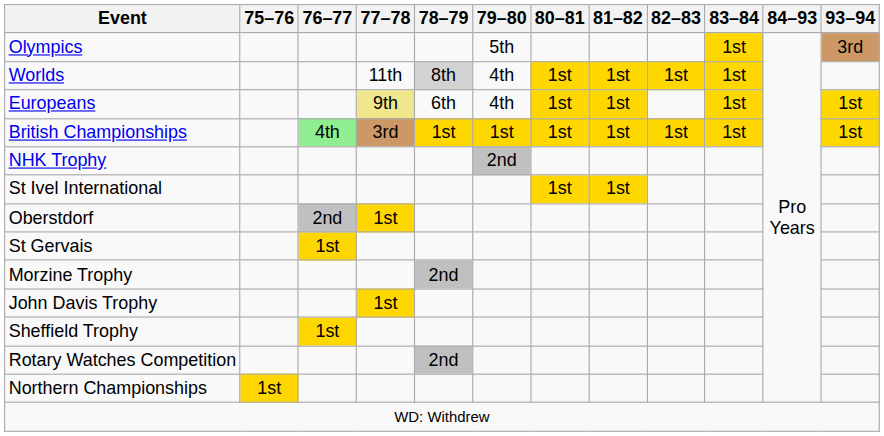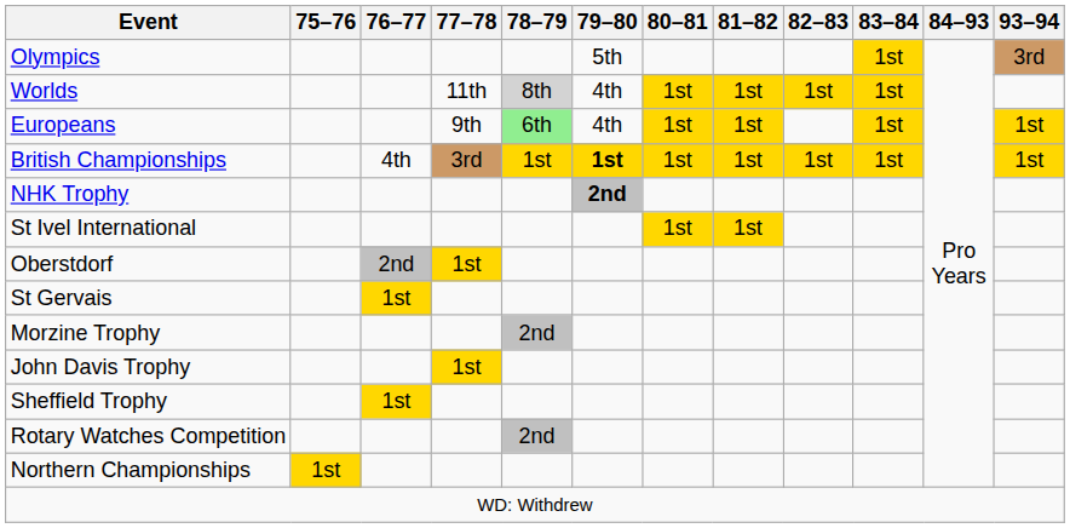 <table class="wikitable" style="text-align: center;">
 <tr>
 <th>Event</th>
 <th>75–76</th>
 <th>76–77</th>
 <th>77–78</th>
 <th>78–79</th>
 <th>79–80</th>
 <th>80–81</th>
 <th>81–82</th>
 <th>82–83</th>
 <th>83–84</th>
 <th>84–93</th>
 <th>93–94</th>
 </tr>
 <tr>
 <td style = "text-align: left;"><a href='#'>Olympics</a></td>
 <td></td>
 <td></td>
 <td></td>
 <td></td>
 <td>5th</td>
 <td></td>
 <td></td>
 <td></td>
 <td style="background:gold;">1st</td>
 <td rowspan="13">Pro<br>Years</td>
 <td style="background:#c96;">3rd</td>
 </tr>
 <tr>
 <td style = "text-align: left;"><a href='#'>Worlds</a></td>
 <td></td>
 <td></td>
 <td>11th</td>
 <td style="background: lightgrey;">8th</td>
 <td>4th</td>
 <td style="background:gold;">1st</td>
 <td style="background:gold;">1st</td>
 <td style="background:gold;">1st</td>
 <td style="background:gold;">1st</td>
 <td></td>
 </tr>
 <tr>
 <td style = "text-align: left;"><a href='#'>Europeans</a></td>
 <td></td>
 <td></td>
-<td style="background: khaki;">9th</td>
-<td>6th</td>
+<td>9th</td>
+<td style="background: lightgreen;">6th</td>
 <td>4th</td>
 <td style="background:gold;">1st</td>
 <td style="background:gold;">1st</td>
 <td align="center"></td>
 <td style="background:gold;">1st</td>
 <td style="background:gold;">1st</td>
 </tr>
 <tr>
 <td style = "text-align: left;"><a href='#'>British Championships</a></td>
 <td></td>
-<td style="background: lightgreen;">4th</td>
+<td>4th</td>
 <td style="background:#c96;">3rd</td>
 <td style="background:gold;">1st</td>
-<td style="background:gold;">1st</td>
+<td style="background:gold;"><strong>1st</strong></td>
 <td style="background:gold;">1st</td>
 <td style="background:gold;">1st</td>
 <td style="background:gold;">1st</td>
 <td style="background:gold;">1st</td>
 <td style="background:gold;">1st</td>
 </tr>
 <tr>
 <td style = "text-align: left;"><a href='#'>NHK Trophy</a></td>
 <td></td>
 <td></td>
 <td></td>
 <td></td>
-<td style="background:silver;">2nd</td>
+<td style="background:silver;"><strong>2nd</strong></td>
 <td></td>
 <td></td>
 <td></td>
 <td></td>
 <td></td>
 </tr>
 <tr>
 <td style = "text-align: left;">St Ivel International</td>
 <td></td>
 <td></td>
 <td></td>
 <td></td>
 <td></td>
 <td style="background:gold;">1st</td>
 <td style="background:gold;">1st</td>
 <td></td>
 <td></td>
 <td></td>
 </tr>
 <tr>
 <td style = "text-align: left;">Oberstdorf</td>
 <td></td>
 <td style="background:silver;">2nd</td>
 <td style="background:gold;">1st</td>
 <td></td>
 <td></td>
 <td></td>
 <td></td>
 <td></td>
 <td></td>
 <td></td>
 </tr>
 <tr>
 <td style = "text-align: left;">St Gervais</td>
 <td></td>
 <td style="background:gold;">1st</td>
 <td></td>
 <td></td>
 <td></td>
 <td></td>
 <td></td>
 <td></td>
 <td></td>
 <td></td>
 </tr>
 <tr>
 <td style = "text-align: left;">Morzine Trophy</td>
 <td></td>
 <td></td>
 <td></td>
 <td style="background:silver;">2nd</td>
 <td></td>
 <td></td>
 <td></td>
 <td></td>
 <td></td>
 <td></td>
 </tr>
 <tr>
 <td style = "text-align: left;">John Davis Trophy</td>
 <td></td>
 <td></td>
 <td style="background:gold;">1st</td>
 <td></td>
 <td></td>
 <td></td>
 <td></td>
 <td></td>
 <td></td>
 <td></td>
 </tr>
 <tr>
 <td style = "text-align: left;">Sheffield Trophy</td>
 <td></td>
 <td style="background:gold;">1st</td>
 <td></td>
 <td></td>
 <td></td>
 <td></td>
 <td></td>
 <td></td>
 <td></td>
 <td></td>
 </tr>
 <tr>
 <td style = "text-align: left;">Rotary Watches Competition</td>
 <td></td>
 <td></td>
 <td></td>
 <td style="background:silver;">2nd</td>
 <td></td>
 <td></td>
 <td></td>
 <td></td>
 <td></td>
 <td></td>
 </tr>
 <tr>
 <td style = "text-align: left;">Northern Championships</td>
 <td style="background:gold;">1st</td>
 <td></td>
 <td></td>
 <td></td>
 <td></td>
 <td></td>
 <td></td>
 <td></td>
 <td></td>
 <td></td>
 </tr>
 <tr>
 <td colspan="12" align="center"><small>WD: Withdrew</small></td>
 </tr>
 </table>
